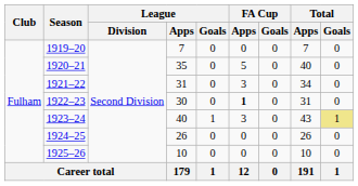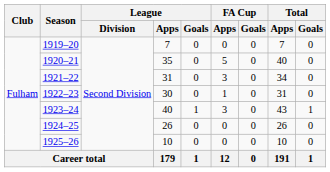 <table class="wikitable" style="text-align: center;">
 <tr>
 <th rowspan="2">Club</th>
 <th rowspan="2">Season</th>
 <th colspan="3">League</th>
 <th colspan="2">FA Cup</th>
 <th colspan="2">Total</th>
 </tr>
 <tr>
 <th>Division</th>
 <th>Apps</th>
 <th>Goals</th>
 <th>Apps</th>
 <th>Goals</th>
 <th>Apps</th>
 <th>Goals</th>
 </tr>
 <tr>
 <td rowspan="7"><a href='#'>Fulham</a></td>
 <td><a href='#'>1919–20</a></td>
 <td rowspan="7"><a href='#'>Second Division</a></td>
 <td>7</td>
 <td>0</td>
 <td>0</td>
 <td>0</td>
 <td>7</td>
 <td>0</td>
 </tr>
 <tr>
 <td><a href='#'>1920–21</a></td>
 <td>35</td>
 <td>0</td>
 <td>5</td>
 <td>0</td>
 <td>40</td>
 <td>0</td>
 </tr>
 <tr>
 <td><a href='#'>1921–22</a></td>
 <td>31</td>
 <td>0</td>
 <td>3</td>
 <td>0</td>
 <td>34</td>
 <td>0</td>
 </tr>
 <tr>
 <td><a href='#'>1922–23</a></td>
 <td>30</td>
 <td>0</td>
-<td><strong>1</strong></td>
+<td>1</td>
 <td>0</td>
 <td>31</td>
 <td>0</td>
 </tr>
 <tr>
 <td><a href='#'>1923–24</a></td>
 <td>40</td>
 <td>1</td>
 <td>3</td>
 <td>0</td>
 <td>43</td>
-<td style="background: khaki;">1</td>
+<td>1</td>
 </tr>
 <tr>
 <td><a href='#'>1924–25</a></td>
 <td>26</td>
 <td>0</td>
 <td>0</td>
 <td>0</td>
 <td>26</td>
 <td>0</td>
 </tr>
 <tr>
 <td><a href='#'>1925–26</a></td>
 <td>10</td>
 <td>0</td>
 <td>0</td>
 <td>0</td>
 <td>10</td>
 <td>0</td>
 </tr>
 <tr>
 <th colspan="3">Career total</th>
 <th>179</th>
 <th>1</th>
 <th>12</th>
 <th>0</th>
 <th>191</th>
 <th>1</th>
 </tr>
 </table>
